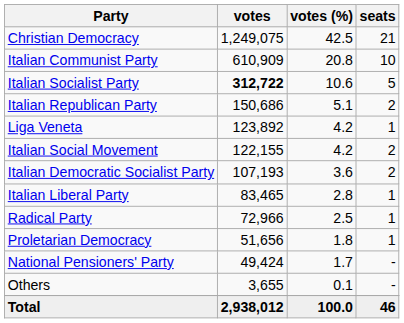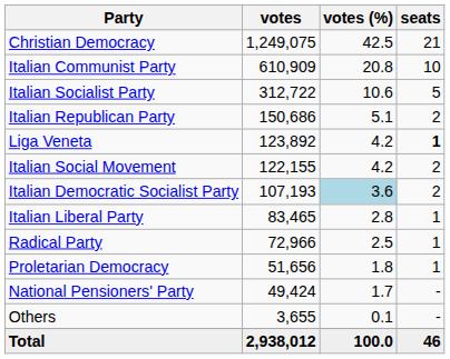 <table class="wikitable" style="font-size:95%">
 <tr bgcolor="EFEFEF">
 <th>Party</th>
 <th>votes</th>
 <th>votes (%)</th>
 <th>seats</th>
 </tr>
 <tr>
 <td><a href='#'>Christian Democracy</a></td>
 <td align=right>1,249,075</td>
 <td align=right>42.5</td>
 <td align=right>21</td>
 </tr>
 <tr>
 <td><a href='#'>Italian Communist Party</a></td>
 <td align=right>610,909</td>
 <td align=right>20.8</td>
 <td align=right>10</td>
 </tr>
 <tr>
 <td><a href='#'>Italian Socialist Party</a></td>
-<td align=right><strong>312,722</strong></td>
+<td align=right>312,722</td>
 <td align=right>10.6</td>
 <td align=right>5</td>
 </tr>
 <tr>
 <td><a href='#'>Italian Republican Party</a></td>
 <td align=right>150,686</td>
 <td align=right>5.1</td>
 <td align=right>2</td>
 </tr>
 <tr>
 <td><a href='#'>Liga Veneta</a></td>
 <td align=right>123,892</td>
 <td align=right>4.2</td>
-<td align=right>1</td>
+<td align=right><strong>1</strong></td>
 </tr>
 <tr>
 <td><a href='#'>Italian Social Movement</a></td>
 <td align=right>122,155</td>
 <td align=right>4.2</td>
 <td align=right>2</td>
 </tr>
 <tr>
 <td><a href='#'>Italian Democratic Socialist Party</a></td>
 <td align=right>107,193</td>
-<td align=right>3.6</td>
+<td align=right style="background: lightblue;">3.6</td>
 <td align=right>2</td>
 </tr>
 <tr>
 <td><a href='#'>Italian Liberal Party</a></td>
 <td align=right>83,465</td>
 <td align=right>2.8</td>
 <td align=right>1</td>
 </tr>
 <tr>
 <td><a href='#'>Radical Party</a></td>
 <td align=right>72,966</td>
 <td align=right>2.5</td>
 <td align=right>1</td>
 </tr>
 <tr>
 <td><a href='#'>Proletarian Democracy</a></td>
 <td align=right>51,656</td>
 <td align=right>1.8</td>
 <td align=right>1</td>
 </tr>
 <tr>
 <td><a href='#'>National Pensioners' Party</a></td>
 <td align=right>49,424</td>
 <td align=right>1.7</td>
 <td align=right>-</td>
 </tr>
 <tr>
 <td>Others</td>
 <td align=right>3,655</td>
 <td align=right>0.1</td>
 <td align=right>-</td>
 </tr>
 <tr>
 </tr>
 <tr bgcolor="EFEFEF">
 <td><strong>Total</strong></td>
 <td align=right><strong>2,938,012</strong></td>
 <td align=right><strong>100.0</strong></td>
 <td align=right><strong>46</strong></td>
 </tr>
 </table>
